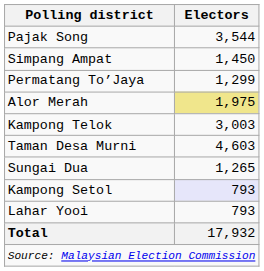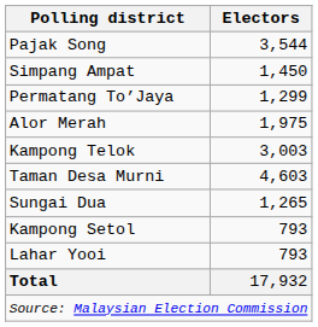 <table class="wikitable sortable">
 <tr>
 <th>Polling district</th>
 <th>Electors</th>
 </tr>
 <tr>
 <td>Pajak Song</td>
 <td align="right">3,544</td>
 </tr>
 <tr>
 <td>Simpang Ampat</td>
 <td align="right">1,450</td>
 </tr>
 <tr>
 <td>Permatang To’Jaya</td>
 <td align="right">1,299</td>
 </tr>
 <tr>
 <td>Alor Merah</td>
-<td align="right" style="background: khaki;">1,975</td>
+<td align="right">1,975</td>
 </tr>
 <tr>
 <td>Kampong Telok</td>
 <td align="right">3,003</td>
 </tr>
 <tr>
 <td>Taman Desa Murni</td>
 <td align="right">4,603</td>
 </tr>
 <tr>
 <td>Sungai Dua</td>
 <td align="right">1,265</td>
 </tr>
 <tr>
 <td>Kampong Setol</td>
-<td align="right" style="background: lavender;">793</td>
+<td align="right">793</td>
 </tr>
 <tr>
 <td>Lahar Yooi</td>
 <td align="right">793</td>
 </tr>
 <tr>
 <td style="background: #f2f2f2"><strong>Total</strong></td>
 <td style="background: #f2f2f2" align="right">17,932</td>
 </tr>
 <tr>
 <td colspan="2"  align="right"><small><em>Source: <a href='#'>Malaysian Election Commission</a></em></small></td>
 </tr>
 </table>
